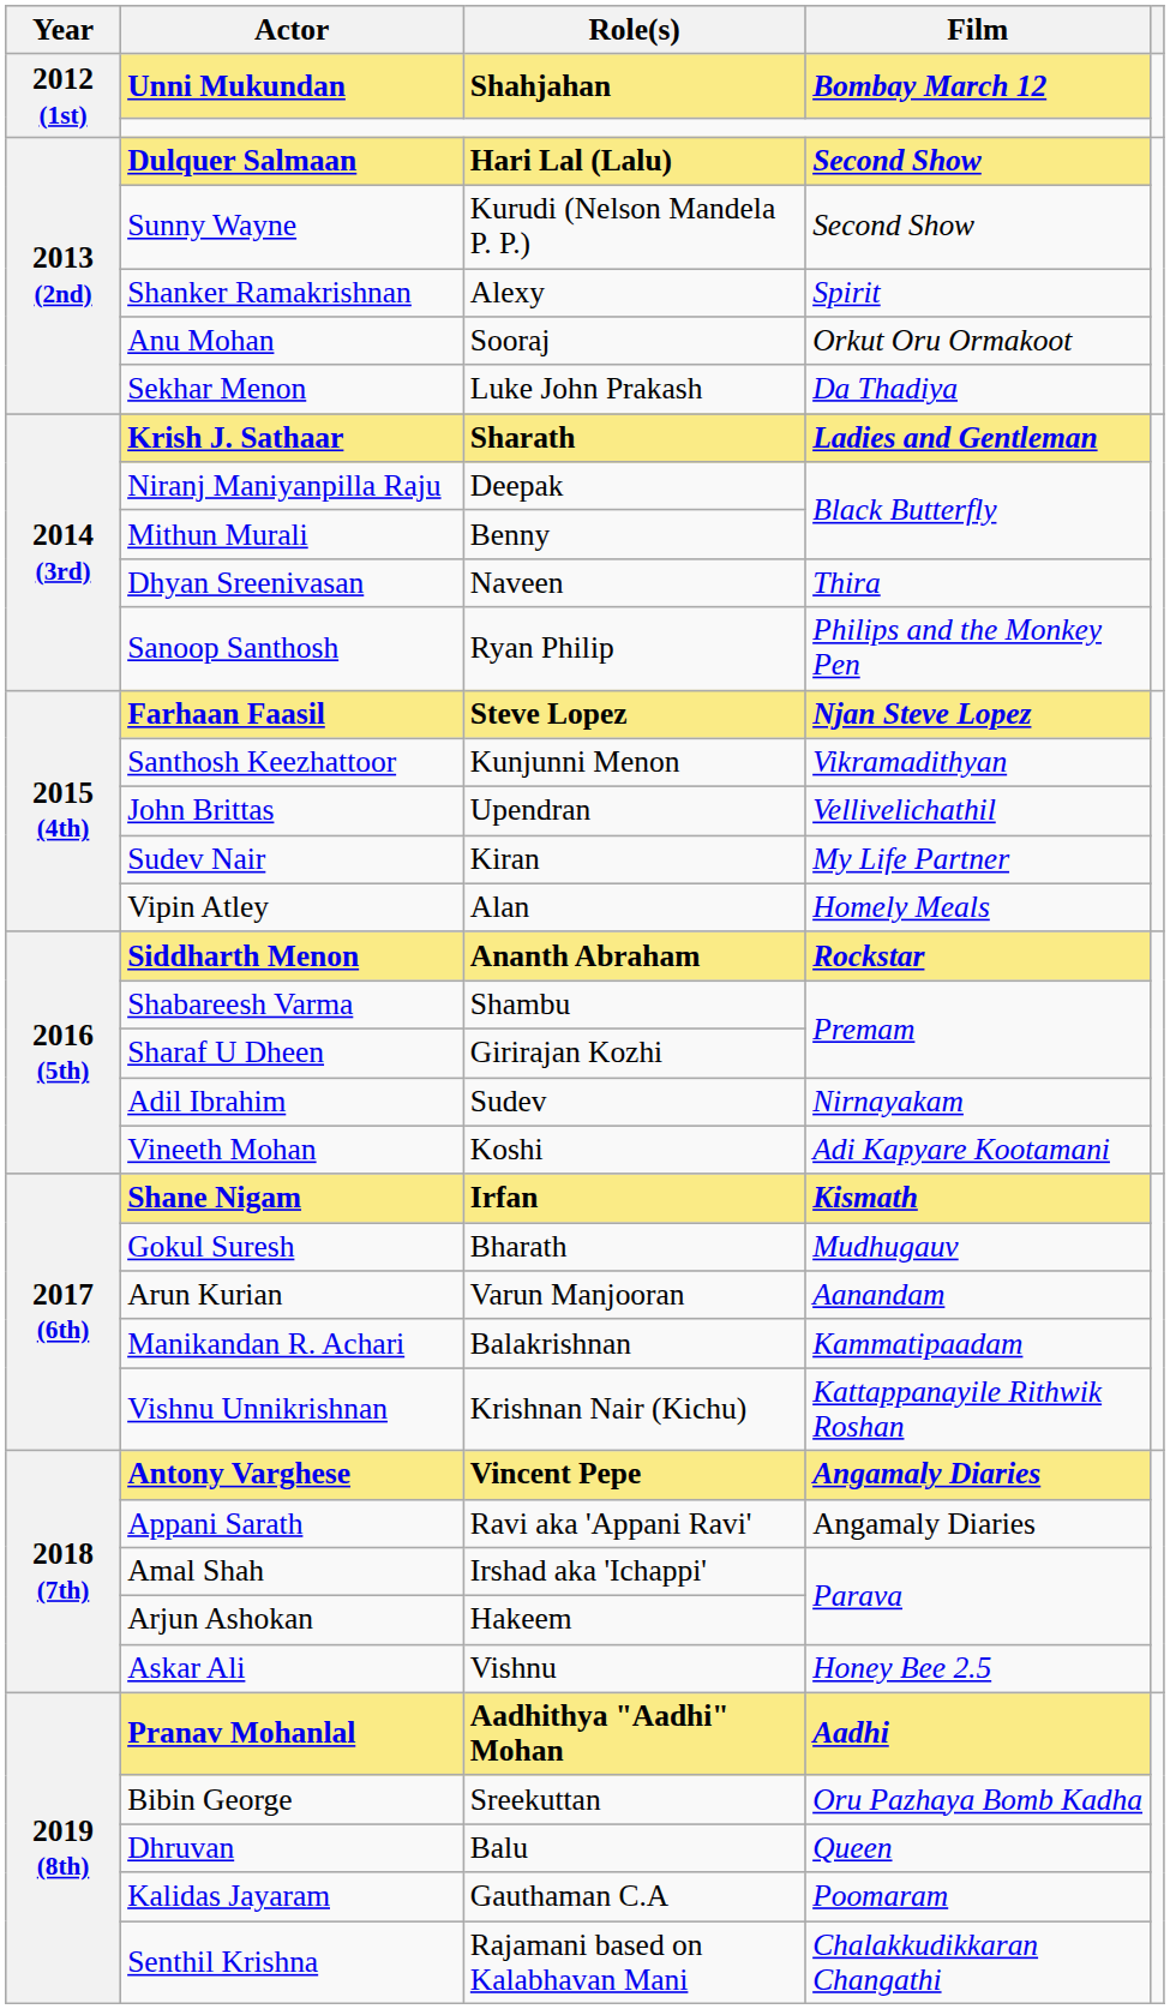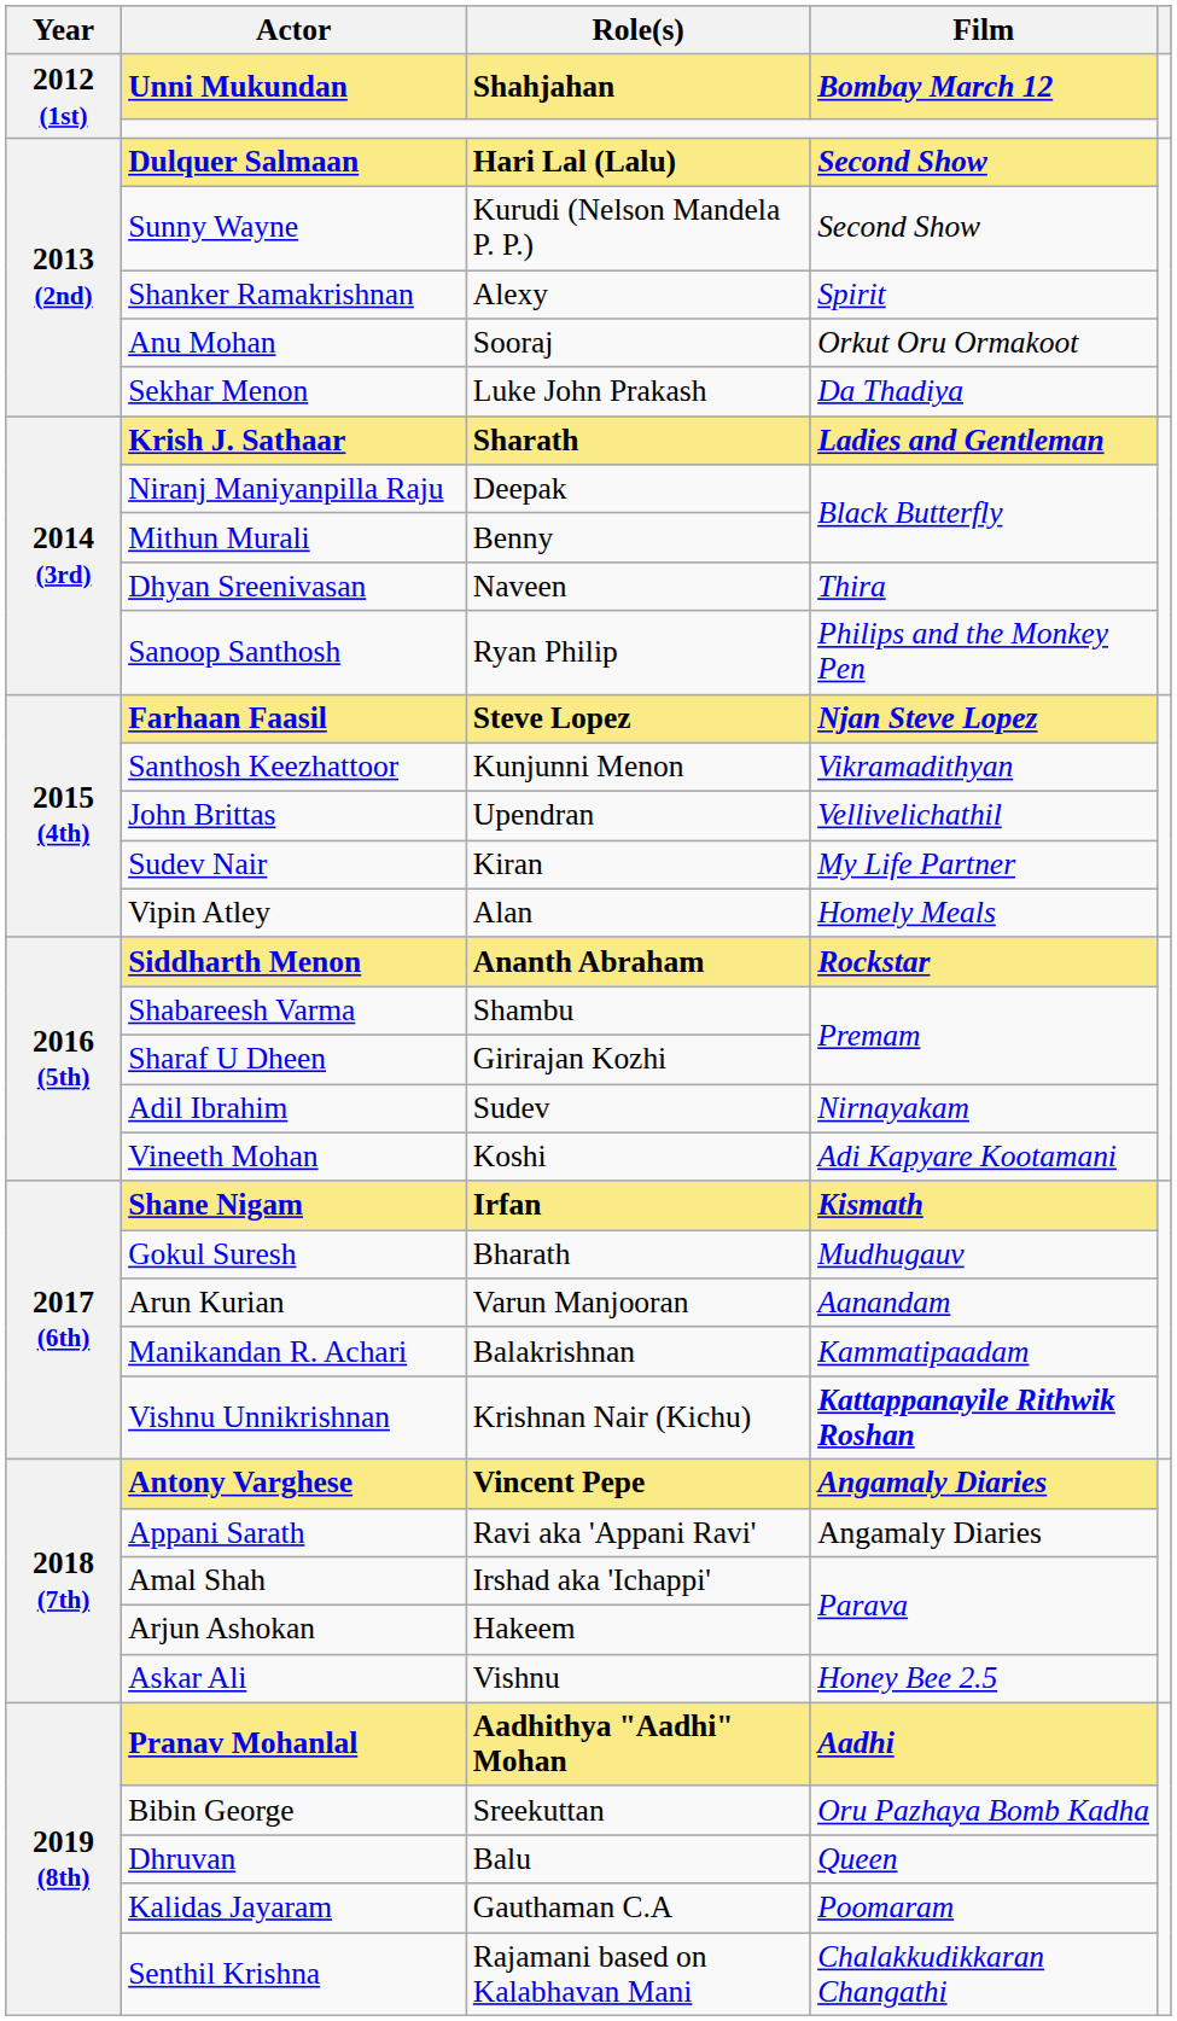 <table class="wikitable sortable" style="text-align:left;">
 <tr>
 <th scope="col" style="width:10%;text-align:center;">Year</th>
 <th scope="col" style="width:30%;text-align:center;">Actor</th>
 <th scope="col" style="width:30%;text-align:center;">Role(s)</th>
 <th scope="col" style="width:30%;text-align:center;">Film</th>
 <th class="unsortable"></th>
 </tr>
 <tr>
 <th scope="row" rowspan="2" style="text-align:center">2012 <br><small><a href='#'>(1st)</a></small></th>
 <td style="background:#FAEB86;"><strong><a href='#'>Unni Mukundan</a></strong> </td>
 <td style="background:#FAEB86;"><strong>Shahjahan</strong></td>
 <td style="background:#FAEB86;"><strong><em><a href='#'>Bombay March 12</a></em></strong></td>
 <td rowspan="2"></td>
 </tr>
 <tr>
 <td colspan =3 style="text-align:center"></td>
 </tr>
 <tr>
 <th scope="row" rowspan="5" style="text-align:center">2013 <br><small><a href='#'>(2nd)</a></small></th>
 <td style="background:#FAEB86;"><strong><a href='#'>Dulquer Salmaan</a></strong> </td>
 <td style="background:#FAEB86;"><strong>Hari Lal (Lalu)</strong></td>
 <td style="background:#FAEB86;"><strong><em><a href='#'>Second Show</a></em></strong></td>
 <td rowspan="5"></td>
 </tr>
 <tr>
 <td><a href='#'>Sunny Wayne</a></td>
 <td>Kurudi (Nelson Mandela P. P.)</td>
 <td><em>Second Show</em></td>
 </tr>
 <tr>
 <td><a href='#'>Shanker Ramakrishnan</a></td>
 <td>Alexy</td>
 <td><em><a href='#'>Spirit</a></em></td>
 </tr>
 <tr>
 <td><a href='#'>Anu Mohan</a></td>
 <td>Sooraj</td>
 <td><em>Orkut Oru Ormakoot</em></td>
 </tr>
 <tr>
 <td><a href='#'>Sekhar Menon</a></td>
 <td>Luke John Prakash</td>
 <td><em><a href='#'>Da Thadiya</a></em></td>
 </tr>
 <tr>
 <th scope="row" rowspan="5" style="text-align:center">2014 <br><small><a href='#'>(3rd)</a></small></th>
 <td style="background:#FAEB86;"><strong><a href='#'>Krish J. Sathaar</a></strong> </td>
 <td style="background:#FAEB86;"><strong>Sharath</strong></td>
 <td style="background:#FAEB86;"><strong><em><a href='#'>Ladies and Gentleman</a></em></strong></td>
 <td rowspan="5"><br></td>
 </tr>
 <tr>
 <td><a href='#'>Niranj Maniyanpilla Raju</a></td>
 <td>Deepak</td>
 <td rowspan="2"><em><a href='#'>Black Butterfly</a></em></td>
 </tr>
 <tr>
 <td><a href='#'>Mithun Murali</a></td>
 <td>Benny</td>
 </tr>
 <tr>
 <td><a href='#'>Dhyan Sreenivasan</a></td>
 <td>Naveen</td>
 <td><em><a href='#'>Thira</a></em></td>
 </tr>
 <tr>
 <td><a href='#'>Sanoop Santhosh</a></td>
 <td>Ryan Philip</td>
 <td><em><a href='#'>Philips and the Monkey Pen</a></em></td>
 </tr>
 <tr>
 <th scope="row" rowspan="5" style="text-align:center">2015 <br><small><a href='#'>(4th)</a></small></th>
 <td style="background:#FAEB86;"><strong><a href='#'>Farhaan Faasil</a></strong> </td>
 <td style="background:#FAEB86;"><strong>Steve Lopez</strong></td>
 <td style="background:#FAEB86;"><strong><em><a href='#'>Njan Steve Lopez</a></em></strong></td>
 <td rowspan="5"><br></td>
 </tr>
 <tr>
 <td><a href='#'>Santhosh Keezhattoor</a></td>
 <td>Kunjunni Menon</td>
 <td><em><a href='#'>Vikramadithyan</a></em></td>
 </tr>
 <tr>
 <td><a href='#'>John Brittas</a></td>
 <td>Upendran</td>
 <td><em><a href='#'>Vellivelichathil</a></em></td>
 </tr>
 <tr>
 <td><a href='#'>Sudev Nair</a></td>
 <td>Kiran</td>
 <td><em><a href='#'>My Life Partner</a></em></td>
 </tr>
 <tr>
 <td>Vipin Atley</td>
 <td>Alan</td>
 <td><em><a href='#'>Homely Meals</a></em></td>
 </tr>
 <tr>
 <th scope="row" rowspan="5" style="text-align:center">2016 <br><small><a href='#'>(5th)</a></small></th>
 <td style="background:#FAEB86;"><strong><a href='#'>Siddharth Menon</a></strong> </td>
 <td style="background:#FAEB86;"><strong>Ananth Abraham</strong></td>
 <td style="background:#FAEB86;"><strong><em><a href='#'>Rockstar</a></em></strong></td>
 <td rowspan="5"><br></td>
 </tr>
 <tr>
 <td><a href='#'>Shabareesh Varma</a></td>
 <td>Shambu</td>
 <td rowspan="2"><em><a href='#'>Premam</a></em></td>
 </tr>
 <tr>
 <td><a href='#'>Sharaf U Dheen</a></td>
 <td>Girirajan Kozhi</td>
 </tr>
 <tr>
 <td><a href='#'>Adil Ibrahim</a></td>
 <td>Sudev</td>
 <td><em><a href='#'>Nirnayakam</a></em></td>
 </tr>
 <tr>
 <td><a href='#'>Vineeth Mohan</a></td>
 <td>Koshi</td>
 <td><em><a href='#'>Adi Kapyare Kootamani</a></em></td>
 </tr>
 <tr>
 <th scope="row" rowspan="5" style="text-align:center">2017 <br><small><a href='#'>(6th)</a></small></th>
 <td style="background:#FAEB86;"><strong><a href='#'>Shane Nigam</a></strong> </td>
 <td style="background:#FAEB86;"><strong>Irfan</strong></td>
 <td style="background:#FAEB86;"><strong><em><a href='#'>Kismath</a></em></strong></td>
 <td rowspan="5"><br></td>
 </tr>
 <tr>
 <td><a href='#'>Gokul Suresh</a></td>
 <td>Bharath</td>
 <td><em><a href='#'>Mudhugauv</a></em></td>
 </tr>
 <tr>
 <td>Arun Kurian</td>
 <td>Varun Manjooran</td>
 <td><em><a href='#'>Aanandam</a></em></td>
 </tr>
 <tr>
 <td><a href='#'>Manikandan R. Achari</a></td>
 <td>Balakrishnan</td>
 <td><em><a href='#'>Kammatipaadam</a></em></td>
 </tr>
 <tr>
 <td><a href='#'>Vishnu Unnikrishnan</a></td>
 <td>Krishnan Nair (Kichu)</td>
-<td><em><a href='#'>Kattappanayile Rithwik Roshan</a></em></td>
+<td><strong><em><a href='#'>Kattappanayile Rithwik Roshan</a></em></strong></td>
 </tr>
 <tr>
 <th scope="row" rowspan="5" style="text-align:center">2018 <br><small><a href='#'>(7th)</a></small></th>
 <td style="background:#FAEB86;"><strong><a href='#'>Antony Varghese</a></strong> </td>
 <td style="background:#FAEB86;"><strong>Vincent Pepe</strong></td>
 <td style="background:#FAEB86;"><strong><em><a href='#'>Angamaly Diaries</a></em></strong></td>
 <td rowspan="5"></td>
 </tr>
 <tr>
 <td><a href='#'>Appani Sarath</a></td>
 <td>Ravi aka 'Appani Ravi'</td>
 <td>Angamaly Diaries</td>
 </tr>
 <tr>
 <td>Amal Shah</td>
 <td>Irshad aka 'Ichappi'</td>
 <td rowspan="2"><em><a href='#'>Parava</a></em></td>
 </tr>
 <tr>
 <td>Arjun Ashokan</td>
 <td>Hakeem</td>
 </tr>
 <tr>
 <td><a href='#'>Askar Ali</a></td>
 <td>Vishnu</td>
 <td><em><a href='#'>Honey Bee 2.5</a></em></td>
 </tr>
 <tr>
 <th scope="row" rowspan="5" style="text-align:center">2019 <br><small><a href='#'>(8th)</a></small></th>
 <td style="background:#FAEB86;"><strong><a href='#'>Pranav Mohanlal</a></strong> </td>
 <td style="background:#FAEB86;"><strong>Aadhithya "Aadhi" Mohan</strong></td>
 <td style="background:#FAEB86;"><strong><em><a href='#'>Aadhi</a></em></strong></td>
 <td rowspan="5"><br></td>
 </tr>
 <tr>
 <td>Bibin George</td>
 <td>Sreekuttan</td>
 <td><em><a href='#'>Oru Pazhaya Bomb Kadha</a></em></td>
 </tr>
 <tr>
 <td><a href='#'>Dhruvan</a></td>
 <td>Balu</td>
 <td><em><a href='#'>Queen</a></em></td>
 </tr>
 <tr>
 <td><a href='#'>Kalidas Jayaram</a></td>
 <td>Gauthaman C.A</td>
 <td><em><a href='#'>Poomaram</a></em></td>
 </tr>
 <tr>
 <td><a href='#'>Senthil Krishna</a></td>
 <td>Rajamani based on <a href='#'>Kalabhavan Mani</a></td>
 <td><em><a href='#'>Chalakkudikkaran Changathi</a></em></td>
 </tr>
 <tr>
 </tr>
 </table>
